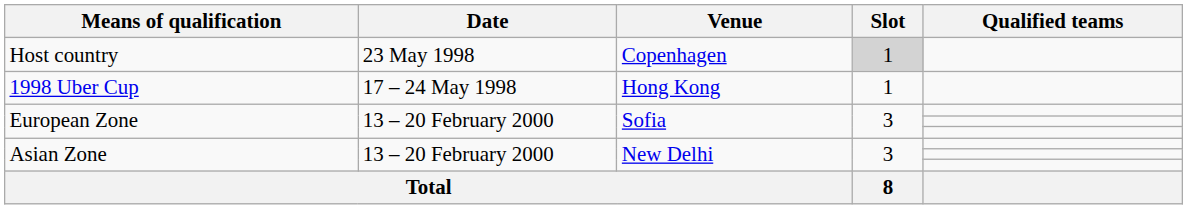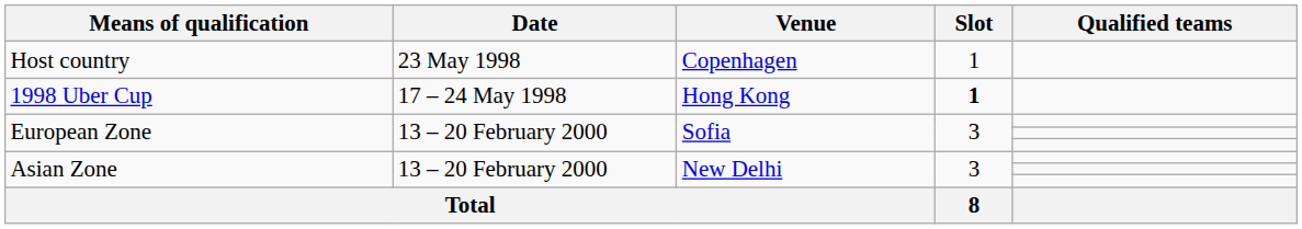 <table class="wikitable" width="900">
 <tr>
 <th width="30%">Means of qualification</th>
 <th width="22%">Date</th>
 <th width="20%">Venue</th>
 <th width="6%">Slot</th>
 <th width="22%">Qualified teams</th>
 </tr>
 <tr>
 <td>Host country</td>
 <td>23 May 1998</td>
 <td><a href='#'>Copenhagen</a></td>
-<td align="center" style="background: lightgrey;">1</td>
+<td align="center">1</td>
 <td></td>
 </tr>
 <tr>
 <td><a href='#'>1998 Uber Cup</a></td>
 <td>17 – 24 May 1998</td>
 <td><a href='#'>Hong Kong</a></td>
-<td align="center">1</td>
+<td align="center"><strong>1</strong></td>
 <td></td>
 </tr>
 <tr>
 <td rowspan="3">European Zone</td>
 <td rowspan="3">13 – 20 February 2000</td>
 <td rowspan="3"><a href='#'>Sofia</a></td>
 <td rowspan="3" align="center">3</td>
 <td></td>
 </tr>
 <tr>
 <td></td>
 </tr>
 <tr>
 <td></td>
 </tr>
 <tr>
 <td rowspan="3">Asian Zone</td>
 <td rowspan="3">13 – 20 February 2000</td>
 <td rowspan="3"><a href='#'>New Delhi</a></td>
 <td rowspan="3" align="center">3</td>
 <td></td>
 </tr>
 <tr>
 <td></td>
 </tr>
 <tr>
 <td></td>
 </tr>
 <tr>
 <th colspan="3">Total</th>
 <th>8</th>
 <th></th>
 </tr>
 </table>
